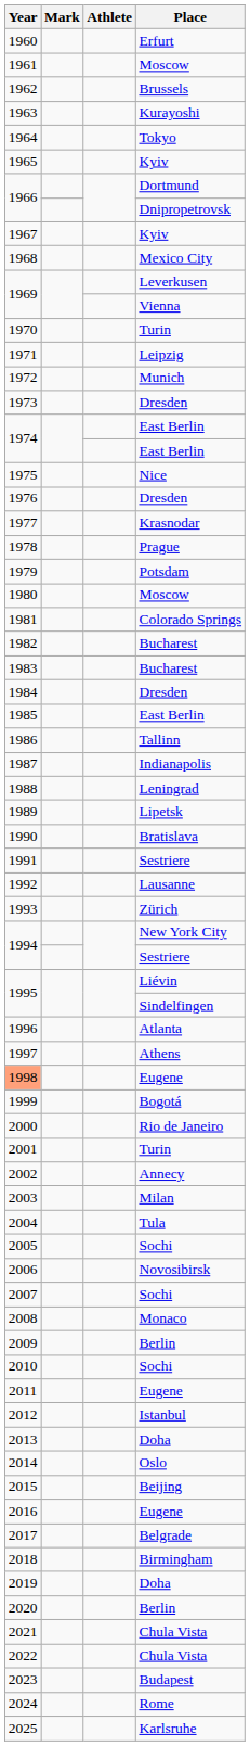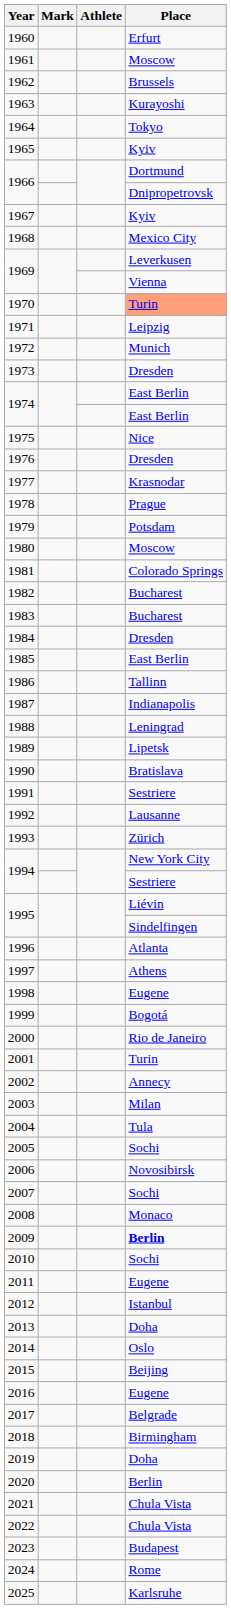 <table class="wikitable sortable sticky-header" style="font-size:85%;">
 <tr>
 <th>Year</th>
 <th>Mark</th>
 <th>Athlete</th>
 <th>Place</th>
 </tr>
 <tr>
 <td align=center>1960</td>
 <td></td>
 <td></td>
 <td><a href='#'>Erfurt</a></td>
 </tr>
 <tr>
 <td align=center>1961</td>
 <td></td>
 <td></td>
 <td><a href='#'>Moscow</a></td>
 </tr>
 <tr>
 <td align=center>1962</td>
 <td></td>
 <td></td>
 <td><a href='#'>Brussels</a></td>
 </tr>
 <tr>
 <td align=center>1963</td>
 <td></td>
 <td></td>
 <td><a href='#'>Kurayoshi</a></td>
 </tr>
 <tr>
 <td align=center>1964</td>
 <td></td>
 <td></td>
 <td><a href='#'>Tokyo</a></td>
 </tr>
 <tr>
 <td align=center>1965</td>
 <td></td>
 <td></td>
 <td><a href='#'>Kyiv</a></td>
 </tr>
 <tr>
 <td align=center rowspan=2>1966</td>
 <td> </td>
 <td rowspan=2></td>
 <td><a href='#'>Dortmund</a></td>
 </tr>
 <tr>
 <td></td>
 <td><a href='#'>Dnipropetrovsk</a></td>
 </tr>
 <tr>
 <td align=center>1967</td>
 <td></td>
 <td></td>
 <td><a href='#'>Kyiv</a></td>
 </tr>
 <tr>
 <td align=center>1968</td>
 <td> </td>
 <td></td>
 <td><a href='#'>Mexico City</a></td>
 </tr>
 <tr>
 <td align=center rowspan=2>1969</td>
 <td rowspan=2></td>
 <td></td>
 <td><a href='#'>Leverkusen</a></td>
 </tr>
 <tr>
 <td></td>
 <td><a href='#'>Vienna</a></td>
 </tr>
 <tr>
 <td align=center>1970</td>
 <td></td>
 <td></td>
-<td><a href='#'>Turin</a></td>
+<td style="background: lightsalmon;"><a href='#'>Turin</a></td>
 </tr>
 <tr>
 <td align=center>1971</td>
 <td></td>
 <td></td>
 <td><a href='#'>Leipzig</a></td>
 </tr>
 <tr>
 <td align=center>1972</td>
 <td></td>
 <td></td>
 <td><a href='#'>Munich</a></td>
 </tr>
 <tr>
 <td align=center>1973</td>
 <td></td>
 <td></td>
 <td><a href='#'>Dresden</a></td>
 </tr>
 <tr>
 <td align=center rowspan=2>1974</td>
 <td rowspan=2></td>
 <td></td>
 <td><a href='#'>East Berlin</a></td>
 </tr>
 <tr>
 <td></td>
 <td><a href='#'>East Berlin</a></td>
 </tr>
 <tr>
 <td align=center>1975</td>
 <td></td>
 <td></td>
 <td><a href='#'>Nice</a></td>
 </tr>
 <tr>
 <td align=center>1976</td>
 <td></td>
 <td></td>
 <td><a href='#'>Dresden</a></td>
 </tr>
 <tr>
 <td align=center>1977</td>
 <td></td>
 <td></td>
 <td><a href='#'>Krasnodar</a></td>
 </tr>
 <tr>
 <td align=center>1978</td>
 <td></td>
 <td></td>
 <td><a href='#'>Prague</a></td>
 </tr>
 <tr>
 <td align=center>1979</td>
 <td></td>
 <td></td>
 <td><a href='#'>Potsdam</a></td>
 </tr>
 <tr>
 <td align=center>1980</td>
 <td></td>
 <td></td>
 <td><a href='#'>Moscow</a></td>
 </tr>
 <tr>
 <td align=center>1981</td>
 <td> </td>
 <td></td>
 <td><a href='#'>Colorado Springs</a></td>
 </tr>
 <tr>
 <td align=center>1982</td>
 <td></td>
 <td></td>
 <td><a href='#'>Bucharest</a></td>
 </tr>
 <tr>
 <td align=center>1983</td>
 <td></td>
 <td></td>
 <td><a href='#'>Bucharest</a></td>
 </tr>
 <tr>
 <td align=center>1984</td>
 <td></td>
 <td></td>
 <td><a href='#'>Dresden</a></td>
 </tr>
 <tr>
 <td align=center>1985</td>
 <td></td>
 <td></td>
 <td><a href='#'>East Berlin</a></td>
 </tr>
 <tr>
 <td align=center>1986</td>
 <td></td>
 <td></td>
 <td><a href='#'>Tallinn</a></td>
 </tr>
 <tr>
 <td align=center>1987</td>
 <td></td>
 <td></td>
 <td><a href='#'>Indianapolis</a></td>
 </tr>
 <tr>
 <td align=center>1988</td>
 <td></td>
 <td></td>
 <td><a href='#'>Leningrad</a></td>
 </tr>
 <tr>
 <td align=center>1989</td>
 <td> </td>
 <td></td>
 <td><a href='#'>Lipetsk</a></td>
 </tr>
 <tr>
 <td align=center>1990</td>
 <td></td>
 <td></td>
 <td><a href='#'>Bratislava</a></td>
 </tr>
 <tr>
 <td align=center>1991</td>
 <td> </td>
 <td></td>
 <td><a href='#'>Sestriere</a></td>
 </tr>
 <tr>
 <td align=center>1992</td>
 <td></td>
 <td></td>
 <td><a href='#'>Lausanne</a></td>
 </tr>
 <tr>
 <td align=center>1993</td>
 <td></td>
 <td></td>
 <td><a href='#'>Zürich</a></td>
 </tr>
 <tr>
 <td align=center rowspan=2>1994</td>
 <td></td>
 <td rowspan=2></td>
 <td><a href='#'>New York City</a></td>
 </tr>
 <tr>
 <td> </td>
 <td><a href='#'>Sestriere</a></td>
 </tr>
 <tr>
 <td align=center rowspan=2>1995</td>
 <td rowspan=2> </td>
 <td rowspan=2></td>
 <td><a href='#'>Liévin</a></td>
 </tr>
 <tr>
 <td><a href='#'>Sindelfingen</a></td>
 </tr>
 <tr>
 <td align=center>1996</td>
 <td></td>
 <td></td>
 <td><a href='#'>Atlanta</a></td>
 </tr>
 <tr>
 <td align=center>1997</td>
 <td></td>
 <td></td>
 <td><a href='#'>Athens</a></td>
 </tr>
 <tr>
-<td align=center style="background: lightsalmon;">1998</td>
+<td align=center>1998</td>
 <td></td>
 <td></td>
 <td><a href='#'>Eugene</a></td>
 </tr>
 <tr>
 <td align=center>1999</td>
 <td> </td>
 <td></td>
 <td><a href='#'>Bogotá</a></td>
 </tr>
 <tr>
 <td align=center>2000</td>
 <td></td>
 <td></td>
 <td><a href='#'>Rio de Janeiro</a></td>
 </tr>
 <tr>
 <td align=center>2001</td>
 <td></td>
 <td></td>
 <td><a href='#'>Turin</a></td>
 </tr>
 <tr>
 <td align=center>2002</td>
 <td></td>
 <td></td>
 <td><a href='#'>Annecy</a></td>
 </tr>
 <tr>
 <td align=center>2003</td>
 <td></td>
 <td></td>
 <td><a href='#'>Milan</a></td>
 </tr>
 <tr>
 <td align=center>2004</td>
 <td></td>
 <td></td>
 <td><a href='#'>Tula</a></td>
 </tr>
 <tr>
 <td align=center>2005</td>
 <td></td>
 <td></td>
 <td><a href='#'>Sochi</a></td>
 </tr>
 <tr>
 <td align=center>2006</td>
 <td></td>
 <td></td>
 <td><a href='#'>Novosibirsk</a></td>
 </tr>
 <tr>
 <td align=center>2007</td>
 <td></td>
 <td></td>
 <td><a href='#'>Sochi</a></td>
 </tr>
 <tr>
 <td align=center>2008</td>
 <td></td>
 <td></td>
 <td><a href='#'>Monaco</a></td>
 </tr>
 <tr>
 <td align=center>2009</td>
 <td></td>
 <td></td>
-<td><a href='#'>Berlin</a></td>
+<td><strong><a href='#'>Berlin</a></strong></td>
 </tr>
 <tr>
 <td align=center>2010</td>
 <td></td>
 <td></td>
 <td><a href='#'>Sochi</a></td>
 </tr>
 <tr>
 <td align=center>2011</td>
 <td></td>
 <td></td>
 <td><a href='#'>Eugene</a></td>
 </tr>
 <tr>
 <td align=center>2012</td>
 <td> </td>
 <td></td>
 <td><a href='#'>Istanbul</a></td>
 </tr>
 <tr>
 <td align=center>2013</td>
 <td></td>
 <td></td>
 <td><a href='#'>Doha</a></td>
 </tr>
 <tr>
 <td align=center>2014</td>
 <td></td>
 <td></td>
 <td><a href='#'>Oslo</a></td>
 </tr>
 <tr>
 <td align=center>2015</td>
 <td></td>
 <td></td>
 <td><a href='#'>Beijing</a></td>
 </tr>
 <tr>
 <td align=center>2016</td>
 <td></td>
 <td></td>
 <td><a href='#'>Eugene</a></td>
 </tr>
 <tr>
 <td align=center>2017</td>
 <td> </td>
 <td></td>
 <td><a href='#'>Belgrade</a></td>
 </tr>
 <tr>
 <td align=center>2018</td>
 <td></td>
 <td></td>
 <td><a href='#'>Birmingham</a></td>
 </tr>
 <tr>
 <td align=center>2019</td>
 <td></td>
 <td></td>
 <td><a href='#'>Doha</a></td>
 </tr>
 <tr>
 <td align=center>2020</td>
 <td> </td>
 <td></td>
 <td><a href='#'>Berlin</a></td>
 </tr>
 <tr>
 <td align=center>2021</td>
 <td></td>
 <td></td>
 <td><a href='#'>Chula Vista</a></td>
 </tr>
 <tr>
 <td align=center>2022</td>
 <td></td>
 <td></td>
 <td><a href='#'>Chula Vista</a></td>
 </tr>
 <tr>
 <td align=center>2023</td>
 <td></td>
 <td></td>
 <td><a href='#'>Budapest</a></td>
 </tr>
 <tr>
 <td align=center>2024</td>
 <td></td>
 <td></td>
 <td><a href='#'>Rome</a></td>
 </tr>
 <tr>
 <td align=center>2025</td>
 <td> </td>
 <td></td>
 <td><a href='#'>Karlsruhe</a></td>
 </tr>
 </table>
